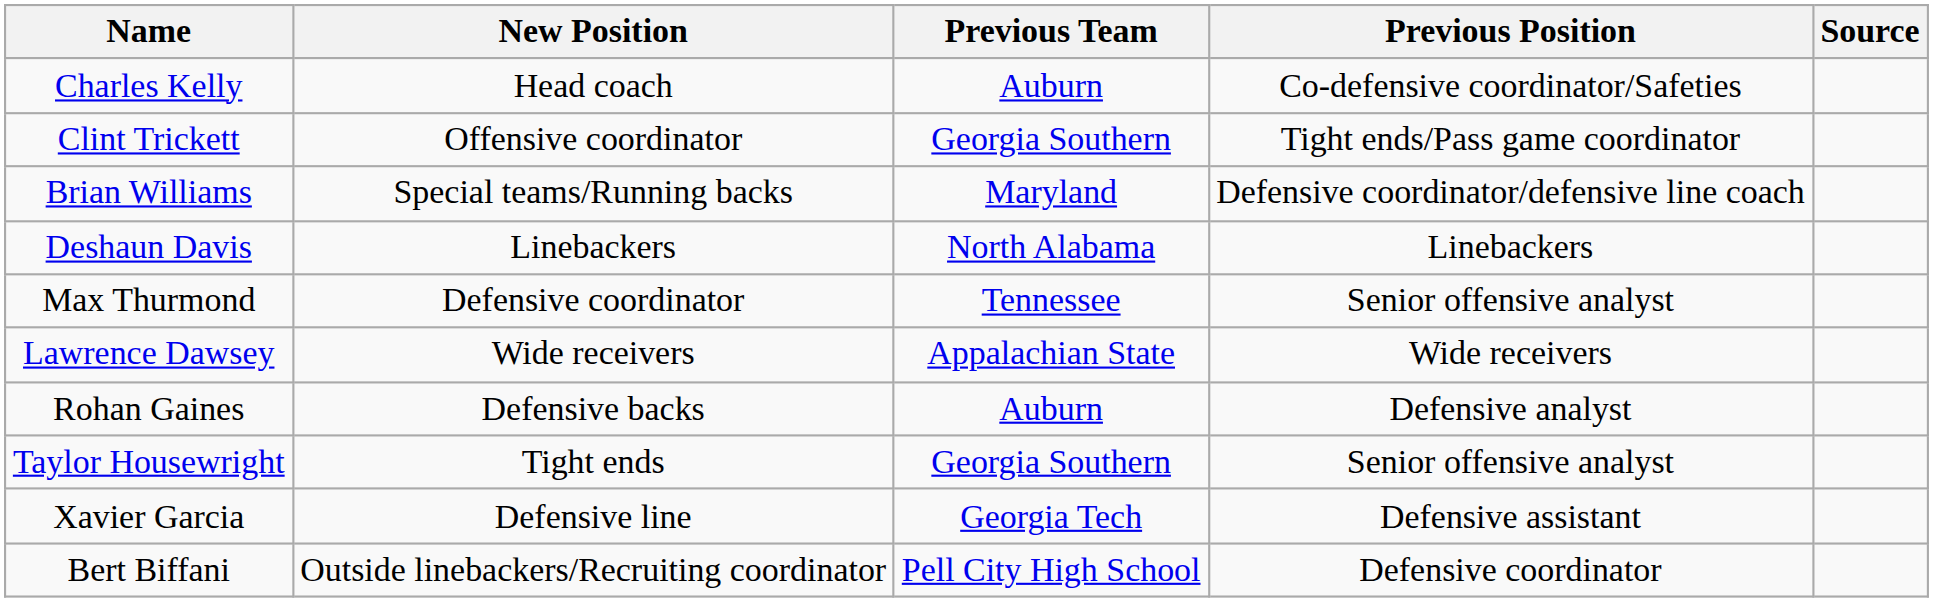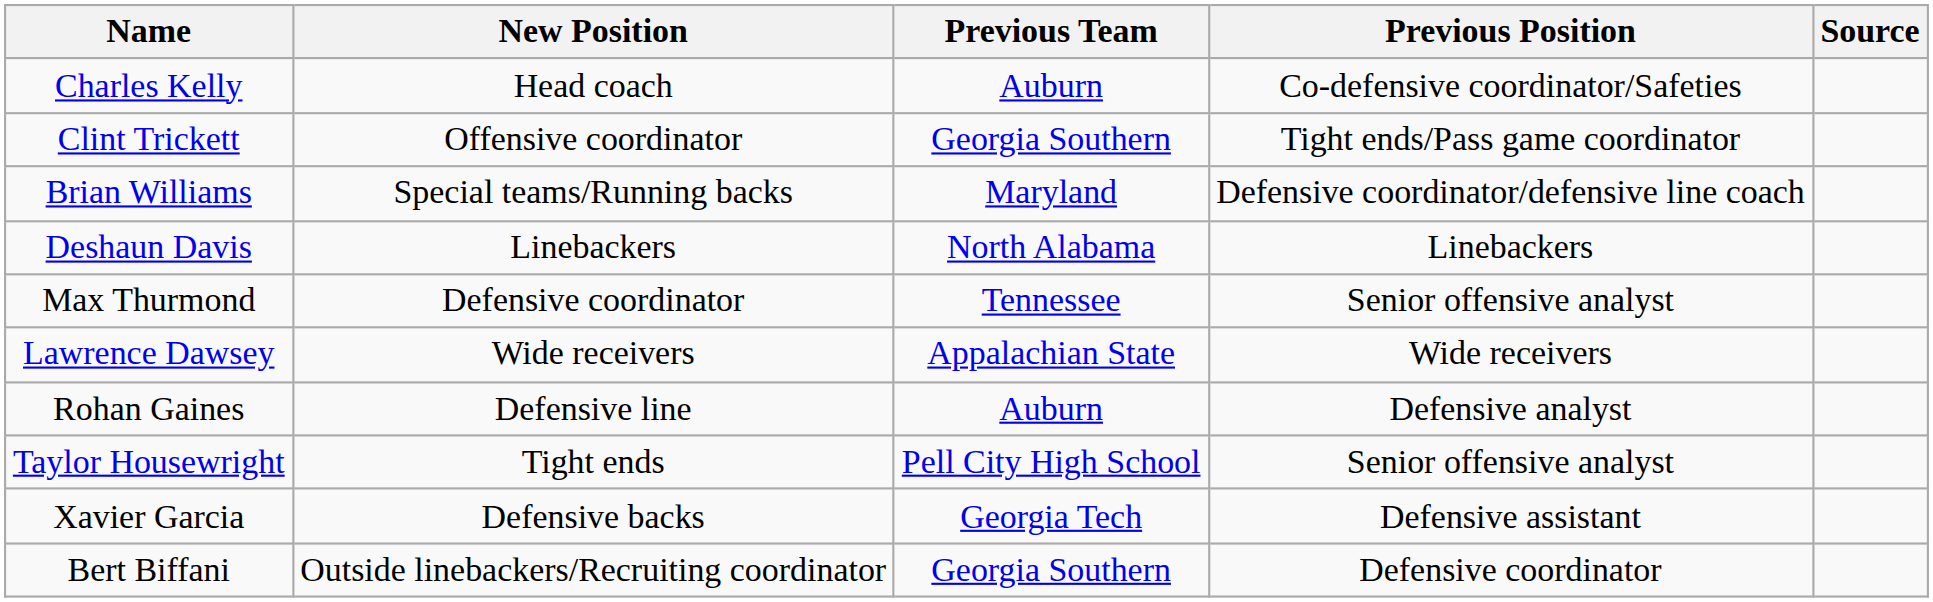 <table class="wikitable">
 <tr>
 <th style="text-align:center; ">Name</th>
 <th style="text-align:center; ">New Position</th>
 <th style="text-align:center; ">Previous Team</th>
 <th style="text-align:center; ">Previous Position</th>
 <th style="text-align:center; ">Source</th>
 </tr>
 <tr align="center">
 <td><a href='#'>Charles Kelly</a></td>
 <td>Head coach</td>
 <td><a href='#'>Auburn</a></td>
 <td>Co-defensive coordinator/Safeties</td>
 <td></td>
 </tr>
 <tr align="center">
 <td><a href='#'>Clint Trickett</a></td>
 <td>Offensive coordinator</td>
 <td><a href='#'>Georgia Southern</a></td>
 <td>Tight ends/Pass game coordinator</td>
 <td></td>
 </tr>
 <tr align="center">
 <td><a href='#'>Brian Williams</a></td>
 <td>Special teams/Running backs</td>
 <td><a href='#'>Maryland</a></td>
 <td>Defensive coordinator/defensive line coach</td>
 </tr>
 <tr align="center">
 <td><a href='#'>Deshaun Davis</a></td>
 <td>Linebackers</td>
 <td><a href='#'>North Alabama</a></td>
 <td>Linebackers</td>
 <td></td>
 </tr>
 <tr align="center">
 <td>Max Thurmond</td>
 <td>Defensive coordinator</td>
 <td><a href='#'>Tennessee</a></td>
 <td>Senior offensive analyst</td>
 <td></td>
 </tr>
 <tr align="center">
 <td><a href='#'>Lawrence Dawsey</a></td>
 <td>Wide receivers</td>
 <td><a href='#'>Appalachian State</a></td>
 <td>Wide receivers</td>
 <td></td>
 </tr>
 <tr align="center">
 <td>Rohan Gaines</td>
-<td>Defensive backs</td>
+<td>Defensive line</td>
 <td><a href='#'>Auburn</a></td>
 <td>Defensive analyst</td>
 <td></td>
 </tr>
 <tr align="center">
 <td><a href='#'>Taylor Housewright</a></td>
 <td>Tight ends</td>
-<td><a href='#'>Georgia Southern</a></td>
+<td><a href='#'>Pell City High School</a></td>
 <td>Senior offensive analyst</td>
 <td></td>
 </tr>
 <tr align="center">
 <td>Xavier Garcia</td>
-<td>Defensive line</td>
+<td>Defensive backs</td>
 <td><a href='#'>Georgia Tech</a></td>
 <td>Defensive assistant</td>
 <td></td>
 </tr>
 <tr align="center">
 <td>Bert Biffani</td>
 <td>Outside linebackers/Recruiting coordinator</td>
-<td><a href='#'>Pell City High School</a></td>
+<td><a href='#'>Georgia Southern</a></td>
 <td>Defensive coordinator</td>
 <td></td>
 </tr>
 </table>
